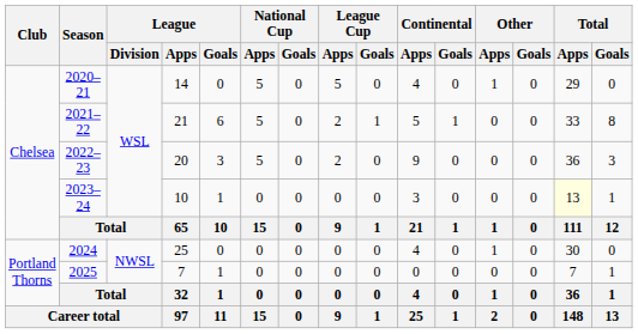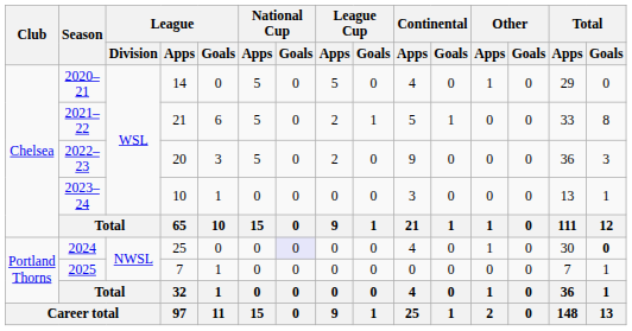 <table class="wikitable" style="text-align: center;">
 <tr>
 <th rowspan="2">Club</th>
 <th rowspan="2">Season</th>
 <th colspan="3">League</th>
 <th colspan="2">National Cup</th>
 <th colspan="2">League Cup</th>
 <th colspan="2">Continental</th>
 <th colspan="2">Other</th>
 <th colspan="2">Total</th>
 </tr>
 <tr>
 <th>Division</th>
 <th>Apps</th>
 <th>Goals</th>
 <th>Apps</th>
 <th>Goals</th>
 <th>Apps</th>
 <th>Goals</th>
 <th>Apps</th>
 <th>Goals</th>
 <th>Apps</th>
 <th>Goals</th>
 <th>Apps</th>
 <th>Goals</th>
 </tr>
 <tr>
 <td rowspan="5"><a href='#'>Chelsea</a></td>
 <td><a href='#'>2020–21</a></td>
 <td rowspan="4"><a href='#'>WSL</a></td>
 <td>14</td>
 <td>0</td>
 <td>5</td>
 <td>0</td>
 <td>5</td>
 <td>0</td>
 <td>4</td>
 <td>0</td>
 <td>1</td>
 <td>0</td>
 <td>29</td>
 <td>0</td>
 </tr>
 <tr>
 <td><a href='#'>2021–22</a></td>
 <td>21</td>
 <td>6</td>
 <td>5</td>
 <td>0</td>
 <td>2</td>
 <td>1</td>
 <td>5</td>
 <td>1</td>
 <td>0</td>
 <td>0</td>
 <td>33</td>
 <td>8</td>
 </tr>
 <tr>
 <td><a href='#'>2022–23</a></td>
 <td>20</td>
 <td>3</td>
 <td>5</td>
 <td>0</td>
 <td>2</td>
 <td>0</td>
 <td>9</td>
 <td>0</td>
 <td>0</td>
 <td>0</td>
 <td>36</td>
 <td>3</td>
 </tr>
 <tr>
 <td><a href='#'>2023–24</a></td>
 <td>10</td>
 <td>1</td>
 <td>0</td>
 <td>0</td>
 <td>0</td>
 <td>0</td>
 <td>3</td>
 <td>0</td>
 <td>0</td>
 <td>0</td>
-<td style="background: lightyellow;">13</td>
+<td>13</td>
 <td>1</td>
 </tr>
 <tr>
 <th colspan="2">Total</th>
 <th>65</th>
 <th>10</th>
 <th>15</th>
 <th>0</th>
 <th>9</th>
 <th>1</th>
 <th>21</th>
 <th>1</th>
 <th>1</th>
 <th>0</th>
 <th>111</th>
 <th>12</th>
 </tr>
 <tr>
 <td rowspan="3"><a href='#'>Portland Thorns</a></td>
 <td><a href='#'>2024</a></td>
 <td rowspan="2"><a href='#'>NWSL</a></td>
 <td>25</td>
 <td>0</td>
 <td>0</td>
-<td>0</td>
+<td style="background: lavender;">0</td>
 <td>0</td>
 <td>0</td>
 <td>4</td>
 <td>0</td>
 <td>1</td>
 <td>0</td>
 <td>30</td>
-<td>0</td>
+<td><strong>0</strong></td>
 </tr>
 <tr>
 <td><a href='#'>2025</a></td>
 <td>7</td>
 <td>1</td>
 <td>0</td>
 <td>0</td>
 <td>0</td>
 <td>0</td>
 <td>0</td>
 <td>0</td>
 <td>0</td>
 <td>0</td>
 <td>7</td>
 <td>1</td>
 </tr>
 <tr>
 <th colspan="2">Total</th>
 <th>32</th>
 <th>1</th>
 <th>0</th>
 <th>0</th>
 <th>0</th>
 <th>0</th>
 <th>4</th>
 <th>0</th>
 <th>1</th>
 <th>0</th>
 <th>36</th>
 <th>1</th>
 </tr>
 <tr>
 <th colspan="3">Career total</th>
 <th>97</th>
 <th>11</th>
 <th>15</th>
 <th>0</th>
 <th>9</th>
 <th>1</th>
 <th>25</th>
 <th>1</th>
 <th>2</th>
 <th>0</th>
 <th>148</th>
 <th>13</th>
 </tr>
 </table>
